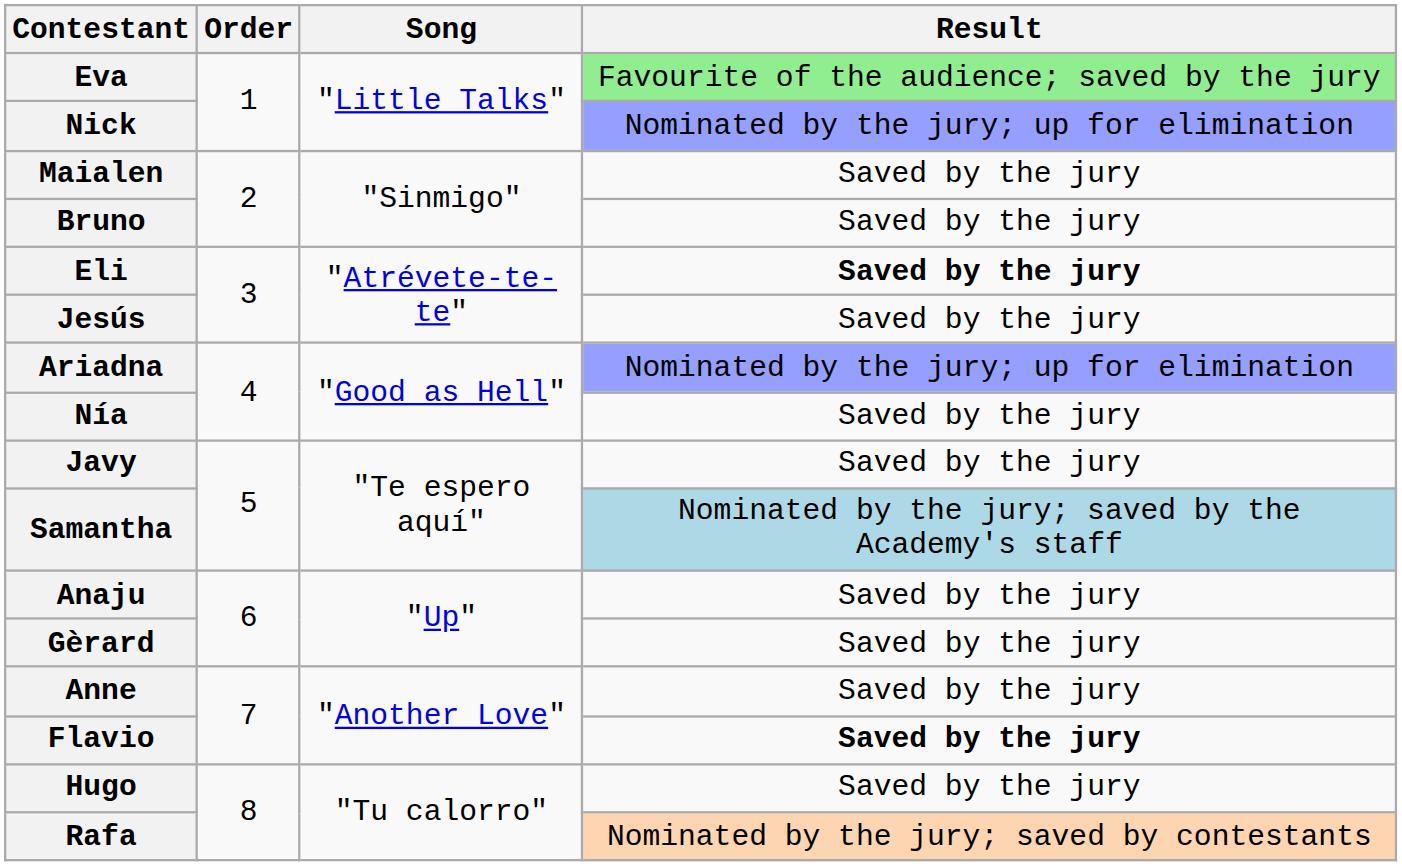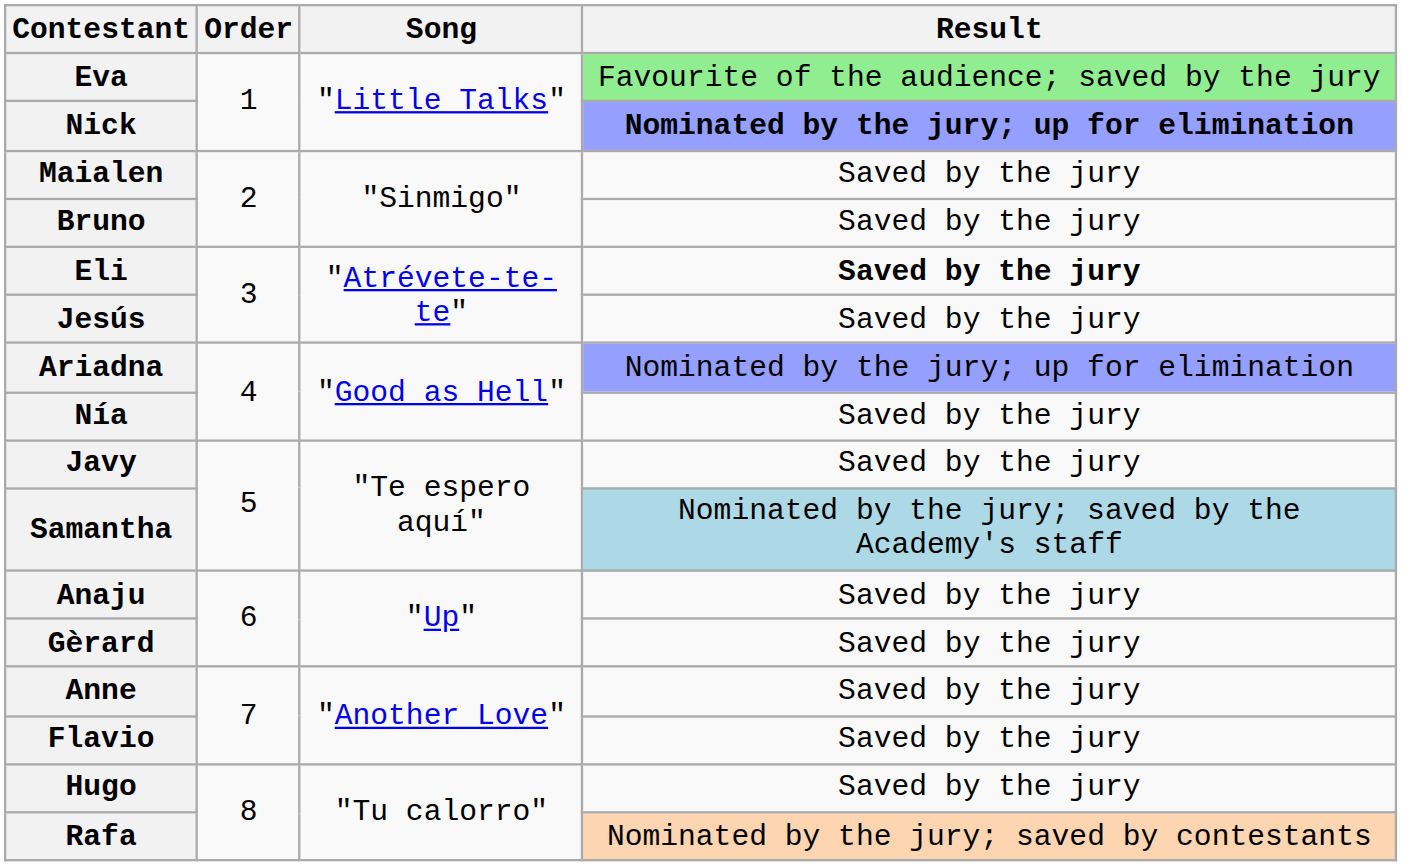 <table class="wikitable sortable plainrowheaders" style="text-align:center;">
 <tr>
 <th scope="col">Contestant</th>
 <th scope="col">Order</th>
 <th scope="col">Song</th>
 <th scope="col">Result</th>
 </tr>
 <tr>
 <th scope="row">Eva</th>
 <td rowspan="2">1</td>
 <td rowspan="2">"<a href='#'>Little Talks</a>"</td>
 <td bgcolor=lightgreen>Favourite of the audience; saved by the jury</td>
 </tr>
 <tr>
 <th scope="row">Nick</th>
-<td bgcolor=#959ffd>Nominated by the jury; up for elimination</td>
+<td bgcolor=#959ffd><strong>Nominated by the jury; up for elimination</strong></td>
 </tr>
 <tr>
 <th scope="row">Maialen</th>
 <td rowspan="2">2</td>
 <td rowspan="2">"Sinmigo"</td>
 <td>Saved by the jury</td>
 </tr>
 <tr>
 <th scope="row">Bruno</th>
 <td>Saved by the jury</td>
 </tr>
 <tr>
 <th scope="row">Eli</th>
 <td rowspan="2">3</td>
 <td rowspan="2">"<a href='#'>Atrévete-te-te</a>"</td>
 <td><strong>Saved by the jury</strong></td>
 </tr>
 <tr>
 <th scope="row">Jesús</th>
 <td>Saved by the jury</td>
 </tr>
 <tr>
 <th scope="row">Ariadna</th>
 <td rowspan="2">4</td>
 <td rowspan="2">"<a href='#'>Good as Hell</a>"</td>
 <td bgcolor=#959ffd>Nominated by the jury; up for elimination</td>
 </tr>
 <tr>
 <th scope="row">Nía</th>
 <td>Saved by the jury</td>
 </tr>
 <tr>
 <th scope="row">Javy</th>
 <td rowspan="2">5</td>
 <td rowspan="2">"Te espero aquí"</td>
 <td>Saved by the jury</td>
 </tr>
 <tr>
 <th scope="row">Samantha</th>
 <td bgcolor=lightblue>Nominated by the jury; saved by the Academy's staff</td>
 </tr>
 <tr>
 <th scope="row">Anaju</th>
 <td rowspan="2">6</td>
 <td rowspan="2">"<a href='#'>Up</a>"</td>
 <td>Saved by the jury</td>
 </tr>
 <tr>
 <th scope="row">Gèrard</th>
 <td>Saved by the jury</td>
 </tr>
 <tr>
 <th scope="row">Anne</th>
 <td rowspan="2">7</td>
 <td rowspan="2">"<a href='#'>Another Love</a>"</td>
 <td>Saved by the jury</td>
 </tr>
 <tr>
 <th scope="row">Flavio</th>
-<td><strong>Saved by the jury</strong></td>
+<td>Saved by the jury</td>
 </tr>
 <tr>
 <th scope="row">Hugo</th>
 <td rowspan="2">8</td>
 <td rowspan="2">"Tu calorro"</td>
 <td>Saved by the jury</td>
 </tr>
 <tr>
 <th scope="row">Rafa</th>
 <td bgcolor=#fdd5b1>Nominated by the jury; saved by contestants</td>
 </tr>
 </table>
